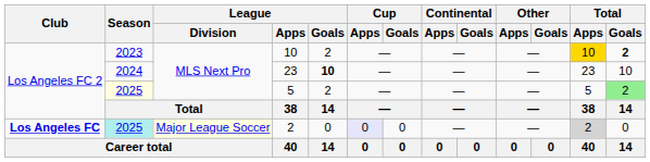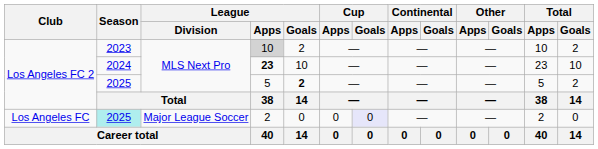 <table class="wikitable" style="text-align: center;">
 <tr>
 <th rowspan="2">Club</th>
 <th rowspan="2">Season</th>
 <th colspan="3">League</th>
 <th colspan="2">Cup</th>
 <th colspan="2">Continental</th>
 <th colspan="2">Other</th>
 <th colspan="2">Total</th>
 </tr>
 <tr>
 <th>Division</th>
 <th>Apps</th>
 <th>Goals</th>
 <th>Apps</th>
 <th>Goals</th>
 <th>Apps</th>
 <th>Goals</th>
 <th>Apps</th>
 <th>Goals</th>
 <th>Apps</th>
 <th>Goals</th>
 </tr>
 <tr>
 <td rowspan="4"><a href='#'>Los Angeles FC 2</a></td>
 <td><a href='#'>2023</a></td>
 <td rowspan="3"><a href='#'>MLS Next Pro</a></td>
-<td>10</td>
+<td style="background: lightgrey;">10</td>
 <td>2</td>
 <td colspan="2">—</td>
 <td colspan="2">—</td>
 <td colspan="2">—</td>
-<td style="background: gold;">10</td>
-<td><strong>2</strong></td>
+<td>10</td>
+<td>2</td>
 </tr>
 <tr>
 <td><a href='#'>2024</a></td>
-<td>23</td>
-<td><strong>10</strong></td>
+<td><strong>23</strong></td>
+<td>10</td>
 <td colspan="2">—</td>
 <td colspan="2">—</td>
 <td colspan="2">—</td>
 <td>23</td>
 <td>10</td>
 </tr>
 <tr>
-<td style="background: lightyellow;"><a href='#'>2025</a></td>
+<td><a href='#'>2025</a></td>
 <td>5</td>
-<td>2</td>
+<td><strong>2</strong></td>
 <td colspan="2">—</td>
 <td colspan="2">—</td>
 <td colspan="2">—</td>
 <td>5</td>
-<td style="background: lightgreen;">2</td>
+<td>2</td>
 </tr>
 <tr>
 <th colspan="2">Total</th>
 <th>38</th>
 <th>14</th>
 <th colspan="2">—</th>
 <th colspan="2">—</th>
 <th colspan="2">—</th>
 <th>38</th>
 <th>14</th>
 </tr>
 <tr>
-<td rowspan="1"><strong><a href='#'>Los Angeles FC</a></strong></td>
+<td rowspan="1"><a href='#'>Los Angeles FC</a></td>
 <td style="background: paleturquoise;"><a href='#'>2025</a></td>
-<td rowspan="1" style="background: lightyellow;"><a href='#'>Major League Soccer</a></td>
+<td rowspan="1"><a href='#'>Major League Soccer</a></td>
 <td>2</td>
 <td>0</td>
+<td>0</td>
 <td style="background: lavender;">0</td>
-<td>0</td>
 <td colspan="2">—</td>
 <td colspan="2">—</td>
-<td style="background: lightgrey;">2</td>
+<td>2</td>
 <td>0</td>
 </tr>
 <tr>
 <th colspan="3">Career total</th>
 <th>40</th>
 <th>14</th>
 <th>0</th>
 <th>0</th>
 <th>0</th>
 <th>0</th>
 <th>0</th>
 <th>0</th>
 <th>40</th>
 <th>14</th>
 </tr>
 </table>
